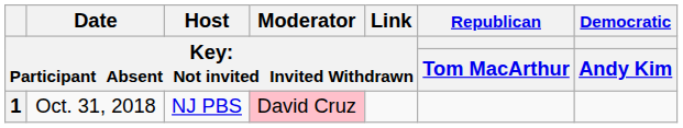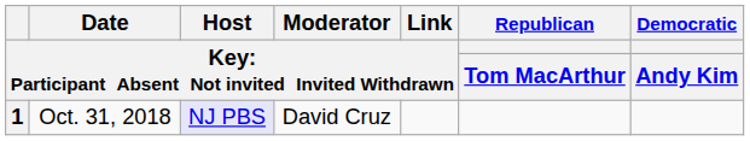 <table class="wikitable" style="text-align:center;">
 <tr>
 <th scope="col"></th>
 <th scope="col">Date</th>
 <th scope="col">Host</th>
 <th scope="col">Moderator</th>
 <th scope="col">Link</th>
 <th scope="col"><small><a href='#'>Republican</a></small></th>
 <th scope="col"><small><a href='#'>Democratic</a></small></th>
 </tr>
 <tr>
 <th colspan="5" rowspan="2">Key:<br> <small>Participant </small>  <small>Absent </small>  <small>Not invited </small>  <small>Invited  Withdrawn</small></th>
 <th scope="col" style="background:"></th>
 <th scope="col" style="background:"></th>
 </tr>
 <tr>
 <th scope="col"><a href='#'>Tom MacArthur</a></th>
 <th scope="col"><a href='#'>Andy Kim</a></th>
 </tr>
 <tr>
 <th>1</th>
 <td style="white-space:nowrap;">Oct. 31, 2018</td>
-<td style="white-space:nowrap;"><a href='#'>NJ PBS</a></td>
-<td style="background: pink; white-space:nowrap;">David Cruz</td>
+<td style="background: lavender; white-space:nowrap;"><a href='#'>NJ PBS</a></td>
+<td style="white-space:nowrap;">David Cruz</td>
 <td style="white-space:nowrap;"></td>
 <td></td>
 <td></td>
 </tr>
 </table>
